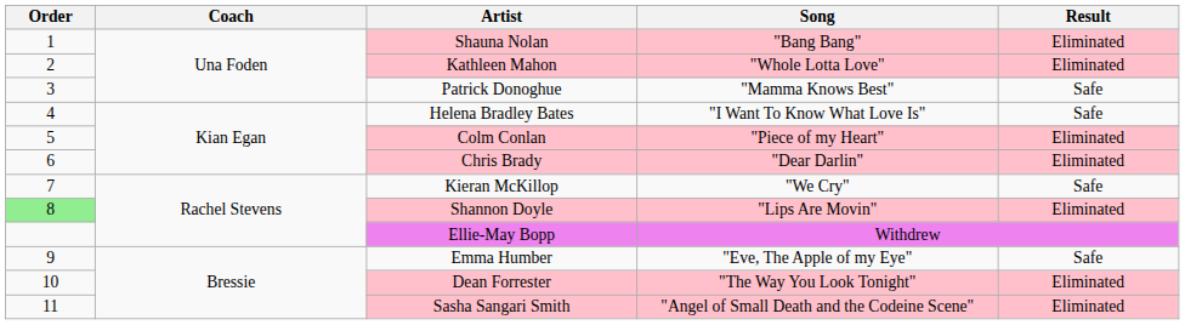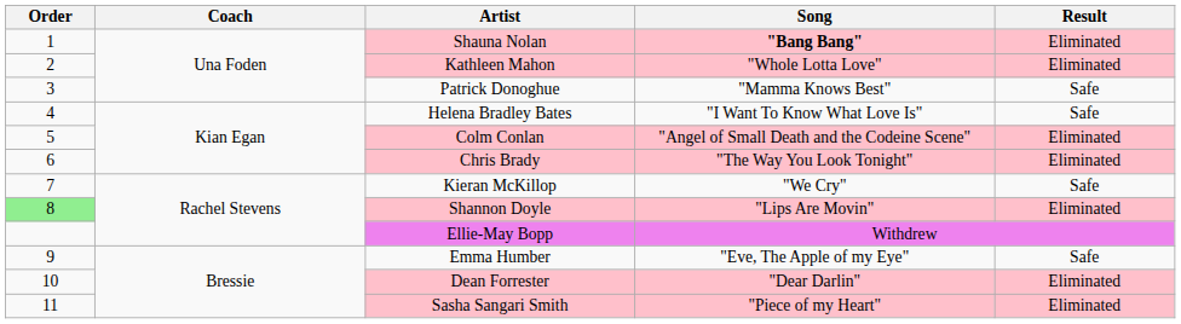 <table class="wikitable" style="text-align:center; line-height:16px; width:90%;">
 <tr>
 <th scope="col" width="05%">Order</th>
 <th scope="col" width="15%">Coach</th>
 <th scope="col" width="15%">Artist</th>
 <th scope="col" width="20%">Song</th>
 <th scope="col" width="10%">Result</th>
 </tr>
 <tr>
 <td>1</td>
 <td rowspan="3">Una Foden</td>
 <td style="background:pink;">Shauna Nolan</td>
-<td style="background:pink;">"Bang Bang"</td>
+<td style="background:pink;"><strong>"Bang Bang"</strong></td>
 <td style="background:pink;">Eliminated</td>
 </tr>
 <tr>
 <td>2</td>
 <td style="background:pink;">Kathleen Mahon</td>
 <td style="background:pink;">"Whole Lotta Love"</td>
 <td style="background:pink;">Eliminated</td>
 </tr>
 <tr>
 <td>3</td>
 <td>Patrick Donoghue</td>
 <td>"Mamma Knows Best"</td>
 <td>Safe</td>
 </tr>
 <tr>
 <td>4</td>
 <td rowspan="3">Kian Egan</td>
 <td>Helena Bradley Bates</td>
 <td>"I Want To Know What Love Is"</td>
 <td>Safe</td>
 </tr>
 <tr>
 <td>5</td>
 <td style="background:pink;">Colm Conlan</td>
-<td style="background:pink;">"Piece of my Heart"</td>
+<td style="background:pink;">"Angel of Small Death and the Codeine Scene"</td>
 <td style="background:pink;">Eliminated</td>
 </tr>
 <tr>
 <td>6</td>
 <td style="background:pink;">Chris Brady</td>
-<td style="background:pink;">"Dear Darlin"</td>
+<td style="background:pink;">"The Way You Look Tonight"</td>
 <td style="background:pink;">Eliminated</td>
 </tr>
 <tr>
 <td>7</td>
 <td rowspan="3">Rachel Stevens</td>
 <td>Kieran McKillop</td>
 <td>"We Cry"</td>
 <td>Safe</td>
 </tr>
 <tr>
 <td style="background: lightgreen;">8</td>
 <td style="background:pink;">Shannon Doyle</td>
 <td style="background:pink;">"Lips Are Movin"</td>
 <td style="background:pink;">Eliminated</td>
 </tr>
 <tr>
 <td></td>
 <td style="background:violet;">Ellie-May Bopp</td>
 <td style="background:violet;" colspan="2">Withdrew</td>
 </tr>
 <tr>
 <td>9</td>
 <td rowspan="3">Bressie</td>
 <td>Emma Humber</td>
 <td>"Eve, The Apple of my Eye"</td>
 <td>Safe</td>
 </tr>
 <tr>
 <td>10</td>
 <td style="background:pink;">Dean Forrester</td>
-<td style="background:pink;">"The Way You Look Tonight"</td>
+<td style="background:pink;">"Dear Darlin"</td>
 <td style="background:pink;">Eliminated</td>
 </tr>
 <tr>
 <td>11</td>
 <td style="background:pink;">Sasha Sangari Smith</td>
-<td style="background:pink;">"Angel of Small Death and the Codeine Scene"</td>
+<td style="background:pink;">"Piece of my Heart"</td>
 <td style="background:pink;">Eliminated</td>
 </tr>
 </table>
